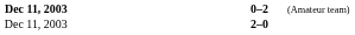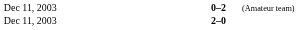 <table width=100% cellspacing=1>
 <tr>
 <th width=120></th>
 <th width=220></th>
 <th width=70></th>
 <th width=220></th>
 <th></th>
 </tr>
 <tr>
-<td align=right><strong>Dec 11, 2003</strong></td>
+<td align=right>Dec 11, 2003</td>
 <td align=right><strong></strong></td>
 <td align=center><strong>0–2</strong></td>
 <td><strong></strong> <small>(Amateur team)</small></td>
 </tr>
 <tr>
 <td align=right>Dec 11, 2003</td>
 <td align=right><strong></strong></td>
 <td align=center><strong>2–0</strong></td>
 <td><strong></strong></td>
 </tr>
 </table>
